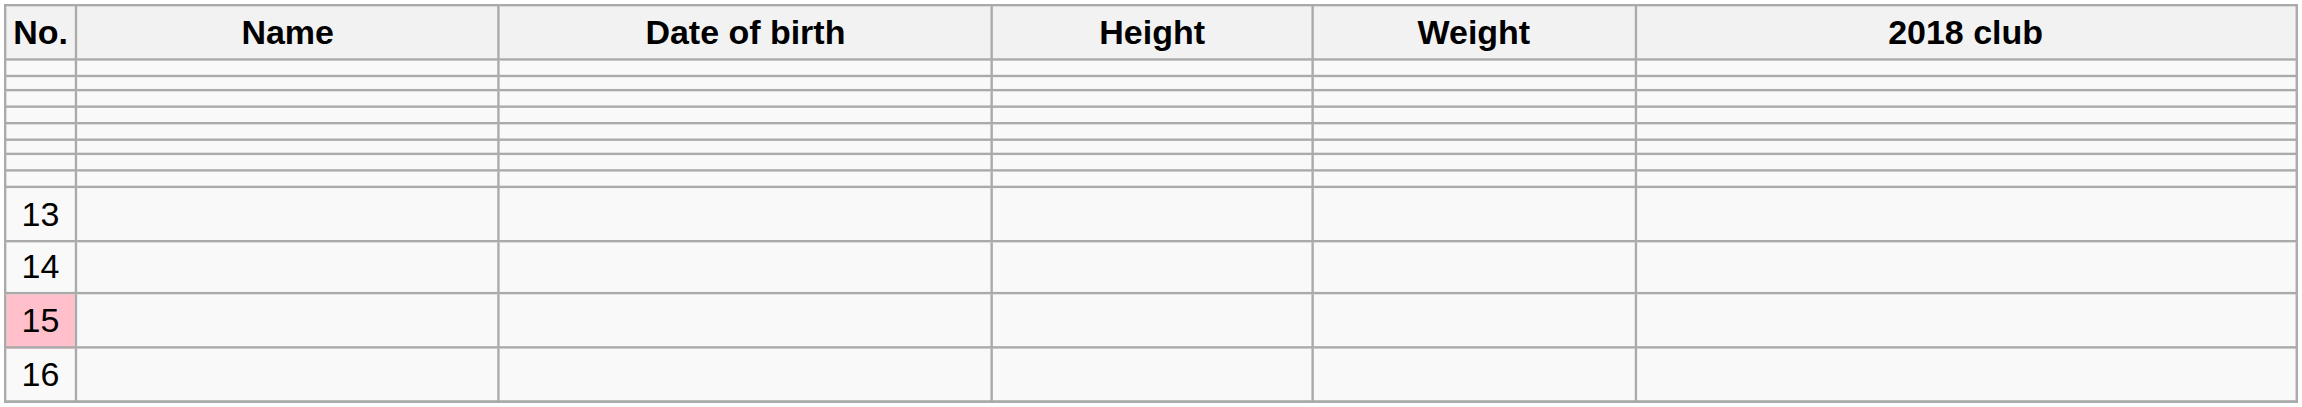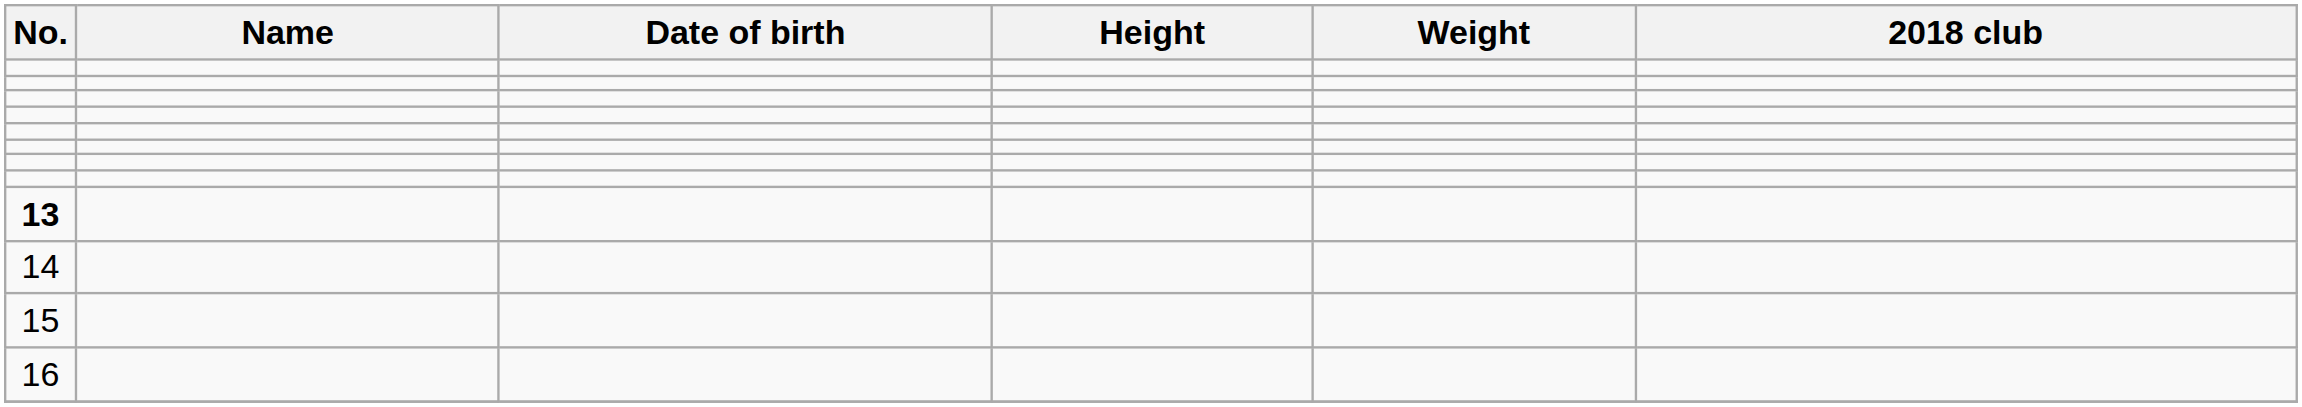 <table class="wikitable sortable" style="font-size:90%; text-align:center;">
 <tr>
 <th>No.</th>
 <th style="width:12em">Name</th>
 <th style="width:14em">Date of birth</th>
 <th style="width:9em">Height</th>
 <th style="width:9em">Weight</th>
 <th style="width:19em">2018 club</th>
 </tr>
 <tr>
 <td></td>
 <td align=left></td>
 <td align=right></td>
 <td></td>
 <td></td>
 <td align=left></td>
 </tr>
 <tr>
 <td></td>
 <td align=left></td>
 <td align=right></td>
 <td></td>
 <td></td>
 <td align=left></td>
 </tr>
 <tr>
 <td></td>
 <td align=left></td>
 <td align=right></td>
 <td></td>
 <td></td>
 <td align=left></td>
 </tr>
 <tr>
 <td></td>
 <td align=left></td>
 <td align=right></td>
 <td></td>
 <td></td>
 <td align=left></td>
 </tr>
 <tr>
 <td></td>
 <td align=left></td>
 <td align=right></td>
 <td></td>
 <td></td>
 <td align=left></td>
 </tr>
 <tr>
 <td></td>
 <td align=left></td>
 <td align=right></td>
 <td></td>
 <td></td>
 <td align=left></td>
 </tr>
 <tr>
 <td></td>
 <td align=left></td>
 <td align=right></td>
 <td></td>
 <td></td>
 <td align=left></td>
 </tr>
 <tr>
 <td></td>
 <td align=left></td>
 <td align=right></td>
 <td></td>
 <td></td>
 <td align=left></td>
 </tr>
 <tr>
-<td>13</td>
+<td><strong>13</strong></td>
 <td align=left></td>
 <td align=right></td>
 <td></td>
 <td></td>
 <td align=left></td>
 </tr>
 <tr>
 <td>14</td>
 <td align=left></td>
 <td align=right></td>
 <td></td>
 <td></td>
 <td align=left></td>
 </tr>
 <tr>
-<td style="background: pink;">15</td>
+<td>15</td>
 <td align=left></td>
 <td align=right></td>
 <td></td>
 <td></td>
 <td align=left></td>
 </tr>
 <tr>
 <td>16</td>
 <td align=left></td>
 <td align=right></td>
 <td></td>
 <td></td>
 <td align=left></td>
 </tr>
 <tr>
 </tr>
 </table>
